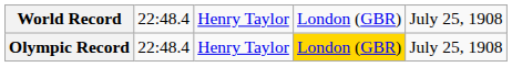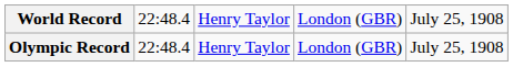 <table class="wikitable" style="font-size:95%;">
 <tr>
 <th>World Record</th>
 <td>22:48.4</td>
 <td> <a href='#'>Henry Taylor</a></td>
 <td><a href='#'>London</a> (<a href='#'>GBR</a>)</td>
 <td>July 25, 1908</td>
 </tr>
 <tr>
 <th>Olympic Record</th>
 <td>22:48.4</td>
 <td> <a href='#'>Henry Taylor</a></td>
-<td style="background: gold;"><a href='#'>London</a> (<a href='#'>GBR</a>)</td>
+<td><a href='#'>London</a> (<a href='#'>GBR</a>)</td>
 <td>July 25, 1908</td>
 </tr>
 </table>
